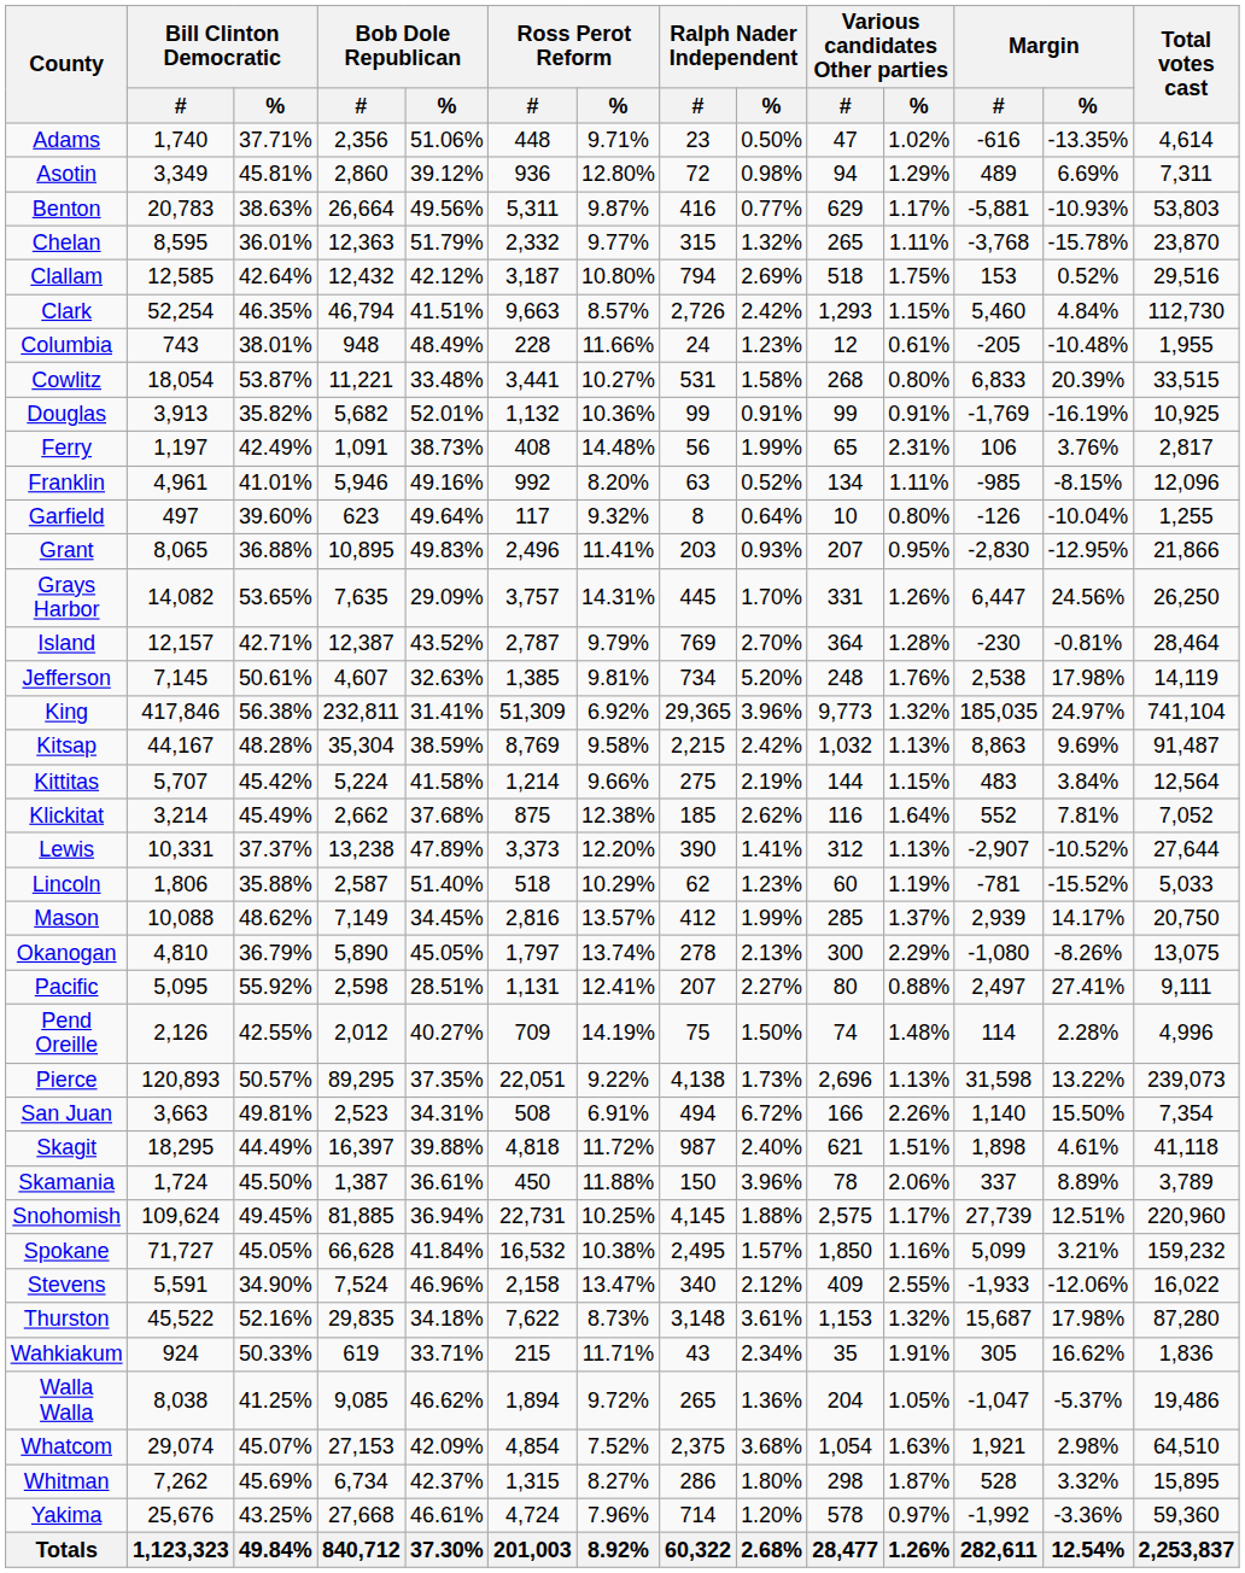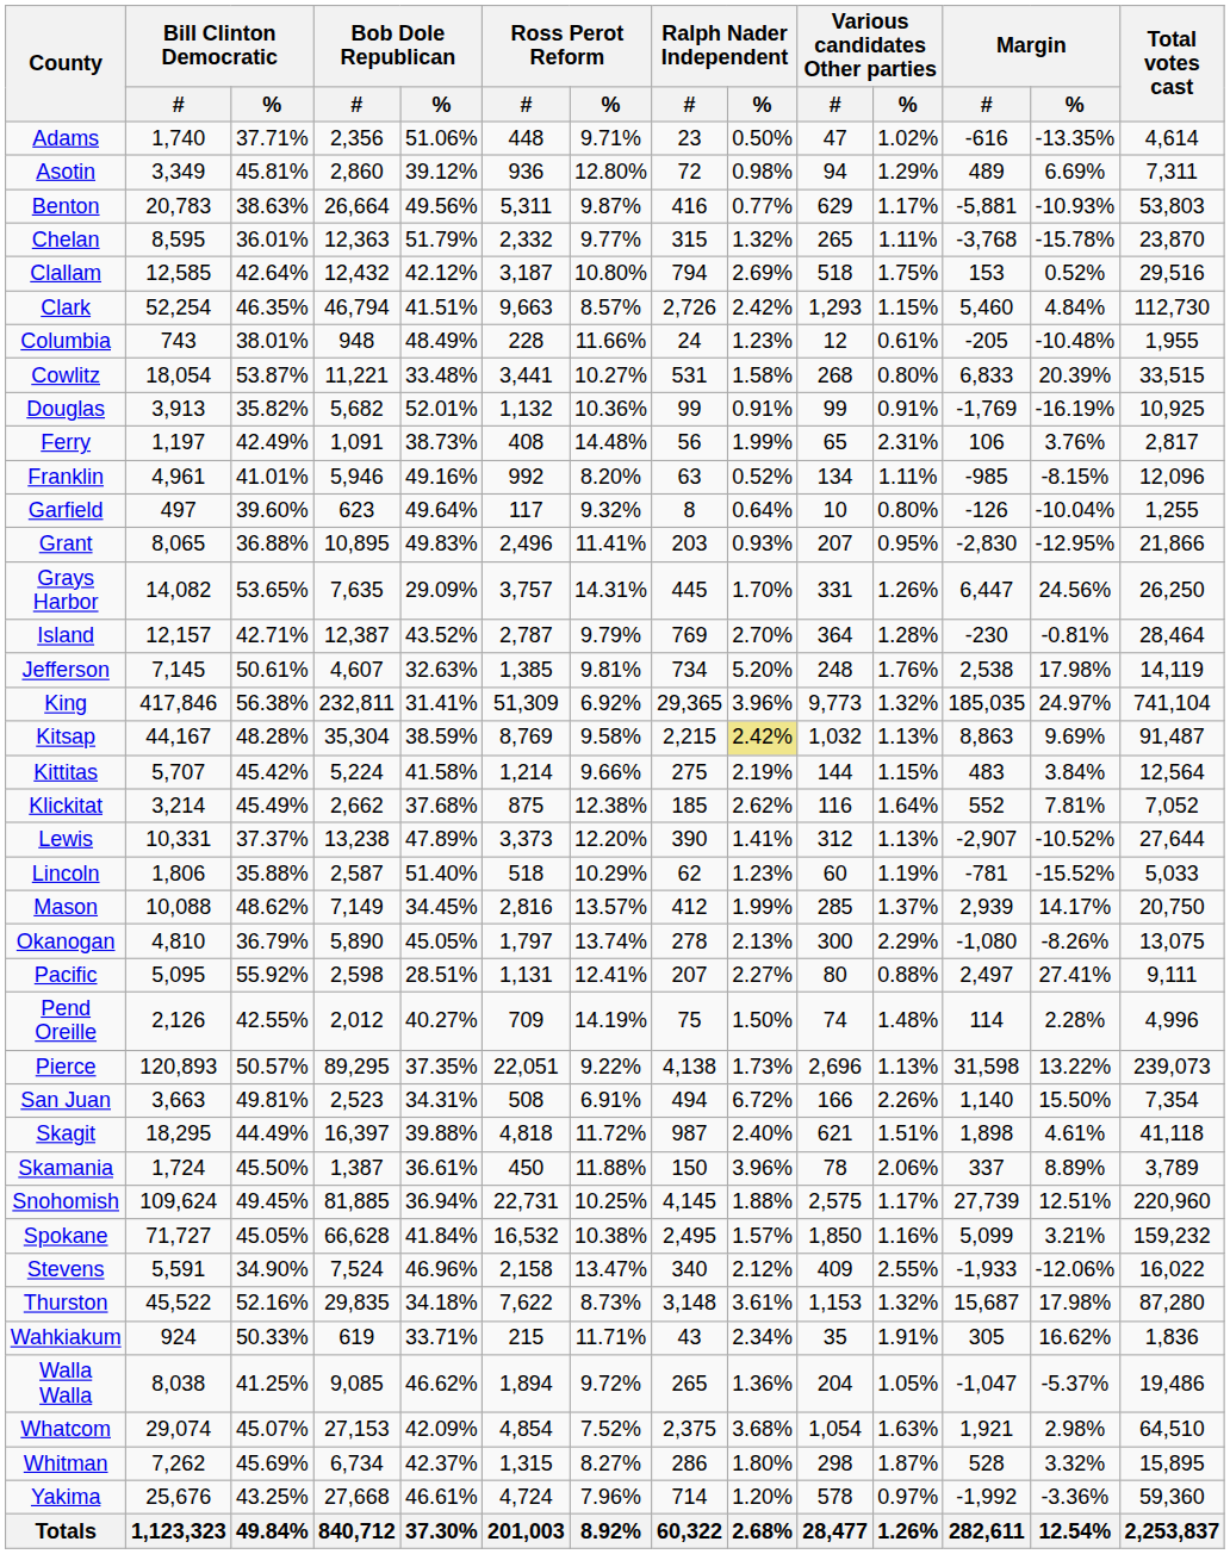 <table class="wikitable sortable" style="text-align:center">
 <tr>
 <th style="text-align:center;" rowspan="2">County</th>
 <th style="text-align:center;" colspan="2">Bill Clinton<br>Democratic</th>
 <th style="text-align:center;" colspan="2">Bob Dole<br>Republican</th>
 <th style="text-align:center;" colspan="2">Ross Perot<br>Reform</th>
 <th style="text-align:center;" colspan="2">Ralph Nader<br>Independent</th>
 <th style="text-align:center;" colspan="2">Various candidates<br>Other parties</th>
 <th style="text-align:center;" colspan="2">Margin</th>
 <th style="text-align:center;" rowspan="2">Total votes cast</th>
 </tr>
 <tr>
 <th style="text-align:center;" data-sort-type="number">#</th>
 <th style="text-align:center;" data-sort-type="number">%</th>
 <th style="text-align:center;" data-sort-type="number">#</th>
 <th style="text-align:center;" data-sort-type="number">%</th>
 <th style="text-align:center;" data-sort-type="number">#</th>
 <th style="text-align:center;" data-sort-type="number">%</th>
 <th style="text-align:center;" data-sort-type="number">#</th>
 <th style="text-align:center;" data-sort-type="number">%</th>
 <th style="text-align:center;" data-sort-type="number">#</th>
 <th style="text-align:center;" data-sort-type="number">%</th>
 <th style="text-align:center;" data-sort-type="number">#</th>
 <th style="text-align:center;" data-sort-type="number">%</th>
 </tr>
 <tr style="text-align:center;">
 <td><a href='#'>Adams</a></td>
 <td>1,740</td>
 <td>37.71%</td>
 <td>2,356</td>
 <td>51.06%</td>
 <td>448</td>
 <td>9.71%</td>
 <td>23</td>
 <td>0.50%</td>
 <td>47</td>
 <td>1.02%</td>
 <td>-616</td>
 <td>-13.35%</td>
 <td>4,614</td>
 </tr>
 <tr style="text-align:center;">
 <td><a href='#'>Asotin</a></td>
 <td>3,349</td>
 <td>45.81%</td>
 <td>2,860</td>
 <td>39.12%</td>
 <td>936</td>
 <td>12.80%</td>
 <td>72</td>
 <td>0.98%</td>
 <td>94</td>
 <td>1.29%</td>
 <td>489</td>
 <td>6.69%</td>
 <td>7,311</td>
 </tr>
 <tr style="text-align:center;">
 <td><a href='#'>Benton</a></td>
 <td>20,783</td>
 <td>38.63%</td>
 <td>26,664</td>
 <td>49.56%</td>
 <td>5,311</td>
 <td>9.87%</td>
 <td>416</td>
 <td>0.77%</td>
 <td>629</td>
 <td>1.17%</td>
 <td>-5,881</td>
 <td>-10.93%</td>
 <td>53,803</td>
 </tr>
 <tr style="text-align:center;">
 <td><a href='#'>Chelan</a></td>
 <td>8,595</td>
 <td>36.01%</td>
 <td>12,363</td>
 <td>51.79%</td>
 <td>2,332</td>
 <td>9.77%</td>
 <td>315</td>
 <td>1.32%</td>
 <td>265</td>
 <td>1.11%</td>
 <td>-3,768</td>
 <td>-15.78%</td>
 <td>23,870</td>
 </tr>
 <tr style="text-align:center;">
 <td><a href='#'>Clallam</a></td>
 <td>12,585</td>
 <td>42.64%</td>
 <td>12,432</td>
 <td>42.12%</td>
 <td>3,187</td>
 <td>10.80%</td>
 <td>794</td>
 <td>2.69%</td>
 <td>518</td>
 <td>1.75%</td>
 <td>153</td>
 <td>0.52%</td>
 <td>29,516</td>
 </tr>
 <tr style="text-align:center;">
 <td><a href='#'>Clark</a></td>
 <td>52,254</td>
 <td>46.35%</td>
 <td>46,794</td>
 <td>41.51%</td>
 <td>9,663</td>
 <td>8.57%</td>
 <td>2,726</td>
 <td>2.42%</td>
 <td>1,293</td>
 <td>1.15%</td>
 <td>5,460</td>
 <td>4.84%</td>
 <td>112,730</td>
 </tr>
 <tr style="text-align:center;">
 <td><a href='#'>Columbia</a></td>
 <td>743</td>
 <td>38.01%</td>
 <td>948</td>
 <td>48.49%</td>
 <td>228</td>
 <td>11.66%</td>
 <td>24</td>
 <td>1.23%</td>
 <td>12</td>
 <td>0.61%</td>
 <td>-205</td>
 <td>-10.48%</td>
 <td>1,955</td>
 </tr>
 <tr style="text-align:center;">
 <td><a href='#'>Cowlitz</a></td>
 <td>18,054</td>
 <td>53.87%</td>
 <td>11,221</td>
 <td>33.48%</td>
 <td>3,441</td>
 <td>10.27%</td>
 <td>531</td>
 <td>1.58%</td>
 <td>268</td>
 <td>0.80%</td>
 <td>6,833</td>
 <td>20.39%</td>
 <td>33,515</td>
 </tr>
 <tr style="text-align:center;">
 <td><a href='#'>Douglas</a></td>
 <td>3,913</td>
 <td>35.82%</td>
 <td>5,682</td>
 <td>52.01%</td>
 <td>1,132</td>
 <td>10.36%</td>
 <td>99</td>
 <td>0.91%</td>
 <td>99</td>
 <td>0.91%</td>
 <td>-1,769</td>
 <td>-16.19%</td>
 <td>10,925</td>
 </tr>
 <tr style="text-align:center;">
 <td><a href='#'>Ferry</a></td>
 <td>1,197</td>
 <td>42.49%</td>
 <td>1,091</td>
 <td>38.73%</td>
 <td>408</td>
 <td>14.48%</td>
 <td>56</td>
 <td>1.99%</td>
 <td>65</td>
 <td>2.31%</td>
 <td>106</td>
 <td>3.76%</td>
 <td>2,817</td>
 </tr>
 <tr style="text-align:center;">
 <td><a href='#'>Franklin</a></td>
 <td>4,961</td>
 <td>41.01%</td>
 <td>5,946</td>
 <td>49.16%</td>
 <td>992</td>
 <td>8.20%</td>
 <td>63</td>
 <td>0.52%</td>
 <td>134</td>
 <td>1.11%</td>
 <td>-985</td>
 <td>-8.15%</td>
 <td>12,096</td>
 </tr>
 <tr style="text-align:center;">
 <td><a href='#'>Garfield</a></td>
 <td>497</td>
 <td>39.60%</td>
 <td>623</td>
 <td>49.64%</td>
 <td>117</td>
 <td>9.32%</td>
 <td>8</td>
 <td>0.64%</td>
 <td>10</td>
 <td>0.80%</td>
 <td>-126</td>
 <td>-10.04%</td>
 <td>1,255</td>
 </tr>
 <tr style="text-align:center;">
 <td><a href='#'>Grant</a></td>
 <td>8,065</td>
 <td>36.88%</td>
 <td>10,895</td>
 <td>49.83%</td>
 <td>2,496</td>
 <td>11.41%</td>
 <td>203</td>
 <td>0.93%</td>
 <td>207</td>
 <td>0.95%</td>
 <td>-2,830</td>
 <td>-12.95%</td>
 <td>21,866</td>
 </tr>
 <tr style="text-align:center;">
 <td><a href='#'>Grays Harbor</a></td>
 <td>14,082</td>
 <td>53.65%</td>
 <td>7,635</td>
 <td>29.09%</td>
 <td>3,757</td>
 <td>14.31%</td>
 <td>445</td>
 <td>1.70%</td>
 <td>331</td>
 <td>1.26%</td>
 <td>6,447</td>
 <td>24.56%</td>
 <td>26,250</td>
 </tr>
 <tr style="text-align:center;">
 <td><a href='#'>Island</a></td>
 <td>12,157</td>
 <td>42.71%</td>
 <td>12,387</td>
 <td>43.52%</td>
 <td>2,787</td>
 <td>9.79%</td>
 <td>769</td>
 <td>2.70%</td>
 <td>364</td>
 <td>1.28%</td>
 <td>-230</td>
 <td>-0.81%</td>
 <td>28,464</td>
 </tr>
 <tr style="text-align:center;">
 <td><a href='#'>Jefferson</a></td>
 <td>7,145</td>
 <td>50.61%</td>
 <td>4,607</td>
 <td>32.63%</td>
 <td>1,385</td>
 <td>9.81%</td>
 <td>734</td>
 <td>5.20%</td>
 <td>248</td>
 <td>1.76%</td>
 <td>2,538</td>
 <td>17.98%</td>
 <td>14,119</td>
 </tr>
 <tr style="text-align:center;">
 <td><a href='#'>King</a></td>
 <td>417,846</td>
 <td>56.38%</td>
 <td>232,811</td>
 <td>31.41%</td>
 <td>51,309</td>
 <td>6.92%</td>
 <td>29,365</td>
 <td>3.96%</td>
 <td>9,773</td>
 <td>1.32%</td>
 <td>185,035</td>
 <td>24.97%</td>
 <td>741,104</td>
 </tr>
 <tr style="text-align:center;">
 <td><a href='#'>Kitsap</a></td>
 <td>44,167</td>
 <td>48.28%</td>
 <td>35,304</td>
 <td>38.59%</td>
 <td>8,769</td>
 <td>9.58%</td>
 <td>2,215</td>
-<td>2.42%</td>
+<td style="background: khaki;">2.42%</td>
 <td>1,032</td>
 <td>1.13%</td>
 <td>8,863</td>
 <td>9.69%</td>
 <td>91,487</td>
 </tr>
 <tr style="text-align:center;">
 <td><a href='#'>Kittitas</a></td>
 <td>5,707</td>
 <td>45.42%</td>
 <td>5,224</td>
 <td>41.58%</td>
 <td>1,214</td>
 <td>9.66%</td>
 <td>275</td>
 <td>2.19%</td>
 <td>144</td>
 <td>1.15%</td>
 <td>483</td>
 <td>3.84%</td>
 <td>12,564</td>
 </tr>
 <tr style="text-align:center;">
 <td><a href='#'>Klickitat</a></td>
 <td>3,214</td>
 <td>45.49%</td>
 <td>2,662</td>
 <td>37.68%</td>
 <td>875</td>
 <td>12.38%</td>
 <td>185</td>
 <td>2.62%</td>
 <td>116</td>
 <td>1.64%</td>
 <td>552</td>
 <td>7.81%</td>
 <td>7,052</td>
 </tr>
 <tr style="text-align:center;">
 <td><a href='#'>Lewis</a></td>
 <td>10,331</td>
 <td>37.37%</td>
 <td>13,238</td>
 <td>47.89%</td>
 <td>3,373</td>
 <td>12.20%</td>
 <td>390</td>
 <td>1.41%</td>
 <td>312</td>
 <td>1.13%</td>
 <td>-2,907</td>
 <td>-10.52%</td>
 <td>27,644</td>
 </tr>
 <tr style="text-align:center;">
 <td><a href='#'>Lincoln</a></td>
 <td>1,806</td>
 <td>35.88%</td>
 <td>2,587</td>
 <td>51.40%</td>
 <td>518</td>
 <td>10.29%</td>
 <td>62</td>
 <td>1.23%</td>
 <td>60</td>
 <td>1.19%</td>
 <td>-781</td>
 <td>-15.52%</td>
 <td>5,033</td>
 </tr>
 <tr style="text-align:center;">
 <td><a href='#'>Mason</a></td>
 <td>10,088</td>
 <td>48.62%</td>
 <td>7,149</td>
 <td>34.45%</td>
 <td>2,816</td>
 <td>13.57%</td>
 <td>412</td>
 <td>1.99%</td>
 <td>285</td>
 <td>1.37%</td>
 <td>2,939</td>
 <td>14.17%</td>
 <td>20,750</td>
 </tr>
 <tr style="text-align:center;">
 <td><a href='#'>Okanogan</a></td>
 <td>4,810</td>
 <td>36.79%</td>
 <td>5,890</td>
 <td>45.05%</td>
 <td>1,797</td>
 <td>13.74%</td>
 <td>278</td>
 <td>2.13%</td>
 <td>300</td>
 <td>2.29%</td>
 <td>-1,080</td>
 <td>-8.26%</td>
 <td>13,075</td>
 </tr>
 <tr style="text-align:center;">
 <td><a href='#'>Pacific</a></td>
 <td>5,095</td>
 <td>55.92%</td>
 <td>2,598</td>
 <td>28.51%</td>
 <td>1,131</td>
 <td>12.41%</td>
 <td>207</td>
 <td>2.27%</td>
 <td>80</td>
 <td>0.88%</td>
 <td>2,497</td>
 <td>27.41%</td>
 <td>9,111</td>
 </tr>
 <tr style="text-align:center;">
 <td><a href='#'>Pend Oreille</a></td>
 <td>2,126</td>
 <td>42.55%</td>
 <td>2,012</td>
 <td>40.27%</td>
 <td>709</td>
 <td>14.19%</td>
 <td>75</td>
 <td>1.50%</td>
 <td>74</td>
 <td>1.48%</td>
 <td>114</td>
 <td>2.28%</td>
 <td>4,996</td>
 </tr>
 <tr style="text-align:center;">
 <td><a href='#'>Pierce</a></td>
 <td>120,893</td>
 <td>50.57%</td>
 <td>89,295</td>
 <td>37.35%</td>
 <td>22,051</td>
 <td>9.22%</td>
 <td>4,138</td>
 <td>1.73%</td>
 <td>2,696</td>
 <td>1.13%</td>
 <td>31,598</td>
 <td>13.22%</td>
 <td>239,073</td>
 </tr>
 <tr style="text-align:center;">
 <td><a href='#'>San Juan</a></td>
 <td>3,663</td>
 <td>49.81%</td>
 <td>2,523</td>
 <td>34.31%</td>
 <td>508</td>
 <td>6.91%</td>
 <td>494</td>
 <td>6.72%</td>
 <td>166</td>
 <td>2.26%</td>
 <td>1,140</td>
 <td>15.50%</td>
 <td>7,354</td>
 </tr>
 <tr style="text-align:center;">
 <td><a href='#'>Skagit</a></td>
 <td>18,295</td>
 <td>44.49%</td>
 <td>16,397</td>
 <td>39.88%</td>
 <td>4,818</td>
 <td>11.72%</td>
 <td>987</td>
 <td>2.40%</td>
 <td>621</td>
 <td>1.51%</td>
 <td>1,898</td>
 <td>4.61%</td>
 <td>41,118</td>
 </tr>
 <tr style="text-align:center;">
 <td><a href='#'>Skamania</a></td>
 <td>1,724</td>
 <td>45.50%</td>
 <td>1,387</td>
 <td>36.61%</td>
 <td>450</td>
 <td>11.88%</td>
 <td>150</td>
 <td>3.96%</td>
 <td>78</td>
 <td>2.06%</td>
 <td>337</td>
 <td>8.89%</td>
 <td>3,789</td>
 </tr>
 <tr style="text-align:center;">
 <td><a href='#'>Snohomish</a></td>
 <td>109,624</td>
 <td>49.45%</td>
 <td>81,885</td>
 <td>36.94%</td>
 <td>22,731</td>
 <td>10.25%</td>
 <td>4,145</td>
 <td>1.88%</td>
 <td>2,575</td>
 <td>1.17%</td>
 <td>27,739</td>
 <td>12.51%</td>
 <td>220,960</td>
 </tr>
 <tr style="text-align:center;">
 <td><a href='#'>Spokane</a></td>
 <td>71,727</td>
 <td>45.05%</td>
 <td>66,628</td>
 <td>41.84%</td>
 <td>16,532</td>
 <td>10.38%</td>
 <td>2,495</td>
 <td>1.57%</td>
 <td>1,850</td>
 <td>1.16%</td>
 <td>5,099</td>
 <td>3.21%</td>
 <td>159,232</td>
 </tr>
 <tr style="text-align:center;">
 <td><a href='#'>Stevens</a></td>
 <td>5,591</td>
 <td>34.90%</td>
 <td>7,524</td>
 <td>46.96%</td>
 <td>2,158</td>
 <td>13.47%</td>
 <td>340</td>
 <td>2.12%</td>
 <td>409</td>
 <td>2.55%</td>
 <td>-1,933</td>
 <td>-12.06%</td>
 <td>16,022</td>
 </tr>
 <tr style="text-align:center;">
 <td><a href='#'>Thurston</a></td>
 <td>45,522</td>
 <td>52.16%</td>
 <td>29,835</td>
 <td>34.18%</td>
 <td>7,622</td>
 <td>8.73%</td>
 <td>3,148</td>
 <td>3.61%</td>
 <td>1,153</td>
 <td>1.32%</td>
 <td>15,687</td>
 <td>17.98%</td>
 <td>87,280</td>
 </tr>
 <tr style="text-align:center;">
 <td><a href='#'>Wahkiakum</a></td>
 <td>924</td>
 <td>50.33%</td>
 <td>619</td>
 <td>33.71%</td>
 <td>215</td>
 <td>11.71%</td>
 <td>43</td>
 <td>2.34%</td>
 <td>35</td>
 <td>1.91%</td>
 <td>305</td>
 <td>16.62%</td>
 <td>1,836</td>
 </tr>
 <tr style="text-align:center;">
 <td><a href='#'>Walla Walla</a></td>
 <td>8,038</td>
 <td>41.25%</td>
 <td>9,085</td>
 <td>46.62%</td>
 <td>1,894</td>
 <td>9.72%</td>
 <td>265</td>
 <td>1.36%</td>
 <td>204</td>
 <td>1.05%</td>
 <td>-1,047</td>
 <td>-5.37%</td>
 <td>19,486</td>
 </tr>
 <tr style="text-align:center;">
 <td><a href='#'>Whatcom</a></td>
 <td>29,074</td>
 <td>45.07%</td>
 <td>27,153</td>
 <td>42.09%</td>
 <td>4,854</td>
 <td>7.52%</td>
 <td>2,375</td>
 <td>3.68%</td>
 <td>1,054</td>
 <td>1.63%</td>
 <td>1,921</td>
 <td>2.98%</td>
 <td>64,510</td>
 </tr>
 <tr style="text-align:center;">
 <td><a href='#'>Whitman</a></td>
 <td>7,262</td>
 <td>45.69%</td>
 <td>6,734</td>
 <td>42.37%</td>
 <td>1,315</td>
 <td>8.27%</td>
 <td>286</td>
 <td>1.80%</td>
 <td>298</td>
 <td>1.87%</td>
 <td>528</td>
 <td>3.32%</td>
 <td>15,895</td>
 </tr>
 <tr style="text-align:center;">
 <td><a href='#'>Yakima</a></td>
 <td>25,676</td>
 <td>43.25%</td>
 <td>27,668</td>
 <td>46.61%</td>
 <td>4,724</td>
 <td>7.96%</td>
 <td>714</td>
 <td>1.20%</td>
 <td>578</td>
 <td>0.97%</td>
 <td>-1,992</td>
 <td>-3.36%</td>
 <td>59,360</td>
 </tr>
 <tr style="text-align:center;">
 <th>Totals</th>
 <th>1,123,323</th>
 <th>49.84%</th>
 <th>840,712</th>
 <th>37.30%</th>
 <th>201,003</th>
 <th>8.92%</th>
 <th>60,322</th>
 <th>2.68%</th>
 <th>28,477</th>
 <th>1.26%</th>
 <th>282,611</th>
 <th>12.54%</th>
 <th>2,253,837</th>
 </tr>
 </table>
